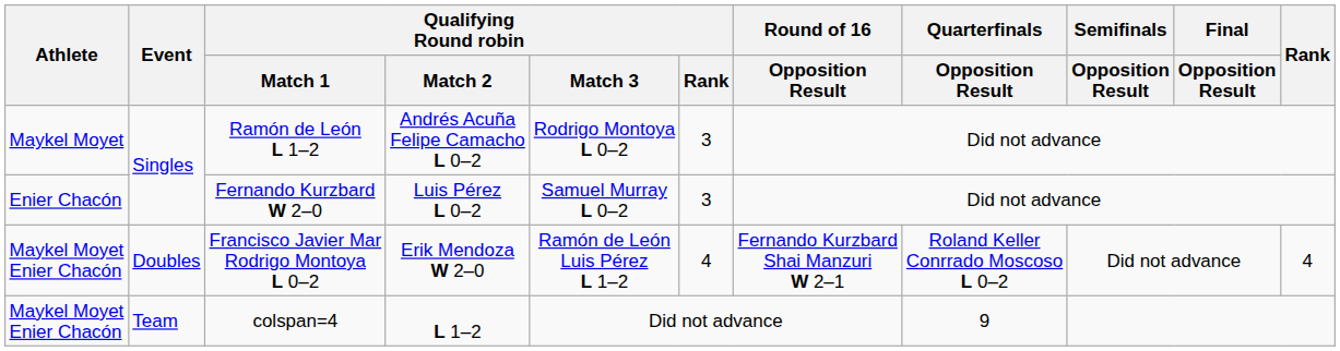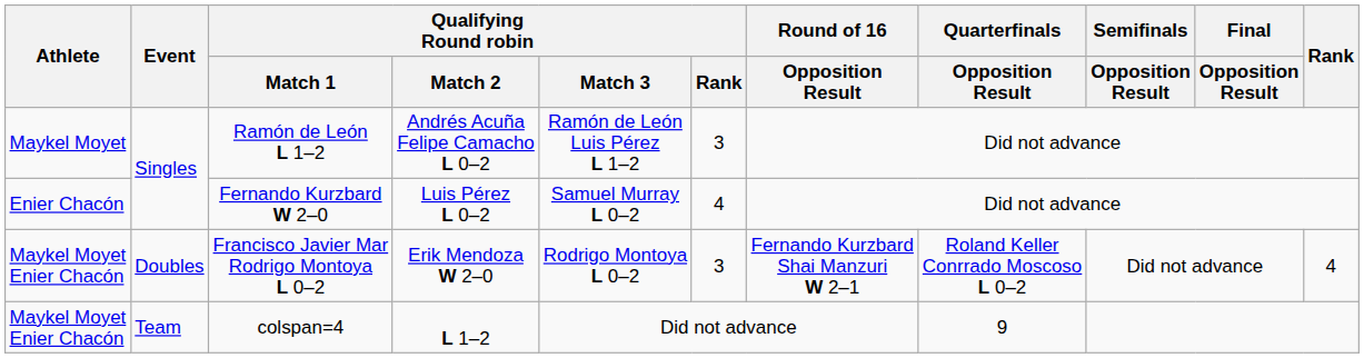 <table class="wikitable" style="font-size:90%">
 <tr>
 <th rowspan="2">Athlete</th>
 <th rowspan="2">Event</th>
 <th colspan="4">Qualifying<br>Round robin</th>
 <th>Round of 16</th>
 <th>Quarterfinals</th>
 <th>Semifinals</th>
 <th>Final</th>
 <th rowspan="2">Rank</th>
 </tr>
 <tr>
 <th>Match 1</th>
 <th>Match 2</th>
 <th>Match 3</th>
 <th>Rank</th>
 <th>Opposition<br>Result</th>
 <th>Opposition<br>Result</th>
 <th>Opposition<br>Result</th>
 <th>Opposition<br>Result</th>
 </tr>
 <tr align=center>
 <td align=left><a href='#'>Maykel Moyet</a></td>
 <td rowspan=2 align=left><a href='#'>Singles</a></td>
 <td align=center> <a href='#'>Ramón de León</a><br><strong>L</strong> 1–2</td>
 <td align=center> <a href='#'>Andrés Acuña</a><br><a href='#'>Felipe Camacho</a><br><strong>L</strong> 0–2</td>
-<td align=center> <a href='#'>Rodrigo Montoya</a><br><strong>L</strong> 0–2</td>
+<td align=center> <a href='#'>Ramón de León</a><br><a href='#'>Luis Pérez</a><br><strong>L</strong> 1–2</td>
 <td>3</td>
 <td colspan=5>Did not advance</td>
 </tr>
 <tr align=center>
 <td align=left><a href='#'>Enier Chacón</a></td>
 <td align=center> <a href='#'>Fernando Kurzbard</a><br><strong>W</strong> 2–0</td>
 <td align=center> <a href='#'>Luis Pérez</a><br><strong>L</strong> 0–2</td>
 <td align=center> <a href='#'>Samuel Murray</a><br><strong>L</strong> 0–2</td>
-<td>3</td>
+<td>4</td>
 <td colspan=5>Did not advance</td>
 </tr>
 <tr align=center>
 <td align=left><a href='#'>Maykel Moyet</a><br><a href='#'>Enier Chacón</a></td>
 <td align=left><a href='#'>Doubles</a></td>
 <td align=center> <a href='#'>Francisco Javier Mar</a><br><a href='#'>Rodrigo Montoya</a><br><strong>L</strong> 0–2</td>
 <td align=center> <a href='#'>Erik Mendoza</a><br><strong>W</strong> 2–0</td>
-<td align=center> <a href='#'>Ramón de León</a><br><a href='#'>Luis Pérez</a><br><strong>L</strong> 1–2</td>
-<td>4</td>
+<td align=center> <a href='#'>Rodrigo Montoya</a><br><strong>L</strong> 0–2</td>
+<td>3</td>
 <td align=center> <a href='#'>Fernando Kurzbard</a><br><a href='#'>Shai Manzuri</a><br><strong>W</strong> 2–1</td>
 <td align=center> <a href='#'>Roland Keller</a><br><a href='#'>Conrrado Moscoso</a><br><strong>L</strong> 0–2</td>
 <td colspan=2>Did not advance</td>
 <td>4</td>
 </tr>
 <tr align=center>
 <td align=left><a href='#'>Maykel Moyet</a><br><a href='#'>Enier Chacón</a></td>
 <td align=left><a href='#'>Team</a></td>
 <td>colspan=4 </td>
 <td align=center><br><strong>L</strong> 1–2</td>
 <td colspan=3>Did not advance</td>
 <td>9</td>
 </tr>
 </table>
